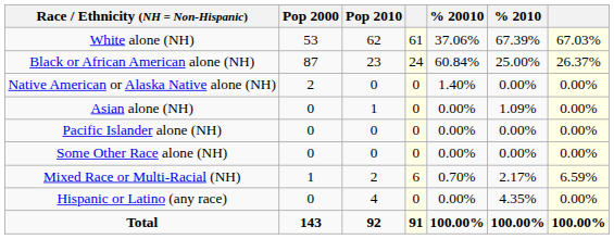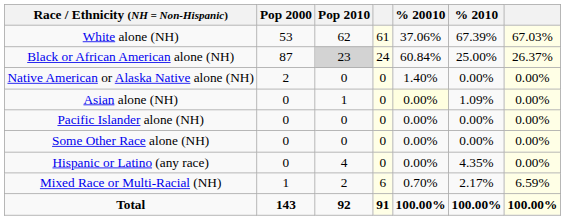 <table class="wikitable" style="text-align:center;">
 <tr>
 <th>Race / Ethnicity <small>(<em>NH = Non-Hispanic</em>)</small></th>
 <th>Pop 2000</th>
 <th>Pop 2010</th>
 <th></th>
 <th>% 20010</th>
 <th>% 2010</th>
 <th></th>
 </tr>
 <tr>
 <td><a href='#'>White</a> alone (NH)</td>
 <td>53</td>
 <td>62</td>
 <td style='background: #ffffe6;'>61</td>
 <td>37.06%</td>
 <td>67.39%</td>
 <td style='background: #ffffe6;'>67.03%</td>
 </tr>
 <tr>
 <td><a href='#'>Black or African American</a> alone (NH)</td>
 <td>87</td>
-<td>23</td>
+<td style="background: lightgrey;">23</td>
 <td style='background: #ffffe6;'>24</td>
 <td>60.84%</td>
 <td>25.00%</td>
 <td style='background: #ffffe6;'>26.37%</td>
 </tr>
 <tr>
 <td><a href='#'>Native American</a> or <a href='#'>Alaska Native</a> alone (NH)</td>
 <td>2</td>
 <td>0</td>
 <td style='background: #ffffe6;'>0</td>
 <td>1.40%</td>
 <td>0.00%</td>
 <td style='background: #ffffe6;'>0.00%</td>
 </tr>
 <tr>
 <td><a href='#'>Asian</a> alone (NH)</td>
 <td>0</td>
 <td>1</td>
 <td style='background: #ffffe6;'>0</td>
-<td>0.00%</td>
+<td style="background: lightyellow;">0.00%</td>
 <td>1.09%</td>
 <td style='background: #ffffe6;'>0.00%</td>
 </tr>
 <tr>
 <td><a href='#'>Pacific Islander</a> alone (NH)</td>
 <td>0</td>
 <td>0</td>
 <td style='background: #ffffe6;'>0</td>
 <td>0.00%</td>
 <td>0.00%</td>
 <td style='background: #ffffe6;'>0.00%</td>
 </tr>
 <tr>
 <td><a href='#'>Some Other Race</a> alone (NH)</td>
 <td>0</td>
 <td>0</td>
 <td style='background: #ffffe6;'>0</td>
 <td>0.00%</td>
 <td>0.00%</td>
 <td style='background: #ffffe6;'>0.00%</td>
 </tr>
 <tr>
+<td><a href='#'>Hispanic or Latino</a> (any race)</td>
+<td>0</td>
+<td>4</td>
+<td style='background: #ffffe6;'>0</td>
+<td>0.00%</td>
+<td>4.35%</td>
+<td style='background: #ffffe6;'>0.00%</td>
+</tr>
+<tr>
 <td><a href='#'>Mixed Race or Multi-Racial</a> (NH)</td>
 <td>1</td>
 <td>2</td>
 <td style='background: #ffffe6;'>6</td>
 <td>0.70%</td>
 <td>2.17%</td>
 <td style='background: #ffffe6;'>6.59%</td>
-</tr>
-<tr>
-<td><a href='#'>Hispanic or Latino</a> (any race)</td>
-<td>0</td>
-<td>4</td>
-<td style='background: #ffffe6;'>0</td>
-<td>0.00%</td>
-<td>4.35%</td>
-<td style='background: #ffffe6;'>0.00%</td>
 </tr>
 <tr>
 <td><strong>Total</strong></td>
 <td><strong>143</strong></td>
 <td><strong>92</strong></td>
 <td style='background: #ffffe6;'><strong>91</strong></td>
 <td><strong>100.00%</strong></td>
 <td><strong>100.00%</strong></td>
 <td style='background: #ffffe6;'><strong>100.00%</strong></td>
 </tr>
 </table>
